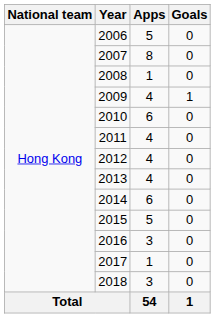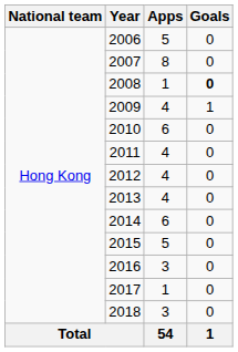 <table class="wikitable" style="text-align:center">
 <tr>
 <th>National team</th>
 <th>Year</th>
 <th>Apps</th>
 <th>Goals</th>
 </tr>
 <tr>
 <td rowspan="13"><a href='#'>Hong Kong</a></td>
 <td>2006</td>
 <td>5</td>
 <td>0</td>
 </tr>
 <tr>
 <td>2007</td>
 <td>8</td>
 <td>0</td>
 </tr>
 <tr>
 <td>2008</td>
 <td>1</td>
-<td>0</td>
+<td><strong>0</strong></td>
 </tr>
 <tr>
 <td>2009</td>
 <td>4</td>
 <td>1</td>
 </tr>
 <tr>
 <td>2010</td>
 <td>6</td>
 <td>0</td>
 </tr>
 <tr>
 <td>2011</td>
 <td>4</td>
 <td>0</td>
 </tr>
 <tr>
 <td>2012</td>
 <td>4</td>
 <td>0</td>
 </tr>
 <tr>
 <td>2013</td>
 <td>4</td>
 <td>0</td>
 </tr>
 <tr>
 <td>2014</td>
 <td>6</td>
 <td>0</td>
 </tr>
 <tr>
 <td>2015</td>
 <td>5</td>
 <td>0</td>
 </tr>
 <tr>
 <td>2016</td>
 <td>3</td>
 <td>0</td>
 </tr>
 <tr>
 <td>2017</td>
 <td>1</td>
 <td>0</td>
 </tr>
 <tr>
 <td>2018</td>
 <td>3</td>
 <td>0</td>
 </tr>
 <tr>
 <th colspan=2>Total</th>
 <th>54</th>
 <th>1</th>
 </tr>
 </table>
